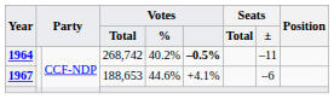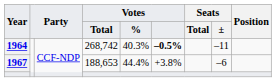 <table class="wikitable" style="font-size:90%; text-align:center;">
 <tr>
 <th rowspan="2" style="background:#eaecf0;">Year</th>
 <th colspan="2" rowspan="2" style="background:#eaecf0;">Party</th>
 <th colspan="3" style="background:#eaecf0;">Votes</th>
 <th colspan="2">Seats</th>
 <th rowspan="2">Position</th>
 </tr>
 <tr>
 <th style="background:#eaecf0;">Total</th>
 <th style="background:#eaecf0;">%</th>
 <th style="background:#eaecf0;"></th>
 <th>Total</th>
 <th>±</th>
 </tr>
 <tr>
 <th><a href='#'>1964</a></th>
 <td rowspan="5" style="background-color:"></td>
 <td rowspan="5"><a href='#'>CCF-NDP</a></td>
 <td>268,742</td>
-<td>40.2%</td>
+<td>40.3%</td>
 <td><strong>–0.5%</strong></td>
 <td></td>
 <td>–11</td>
 <td></td>
 </tr>
 <tr>
 <th><a href='#'>1967</a></th>
 <td>188,653</td>
-<td>44.6%</td>
-<td>+4.1%</td>
+<td>44.4%</td>
+<td>+3.8%</td>
 <td></td>
 <td>–6</td>
 <td></td>
 </tr>
 <tr>
 <th colspan="10" style="background:#eaecf0;"></th>
 </tr>
 </table>
